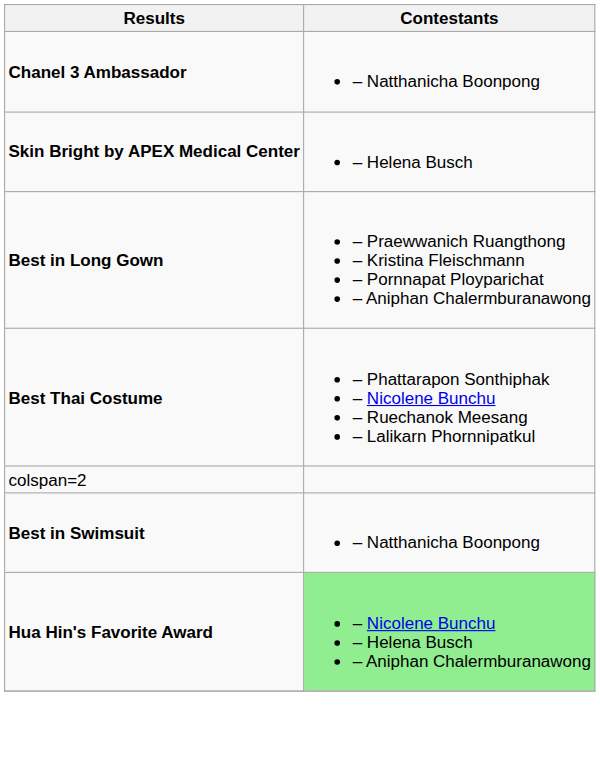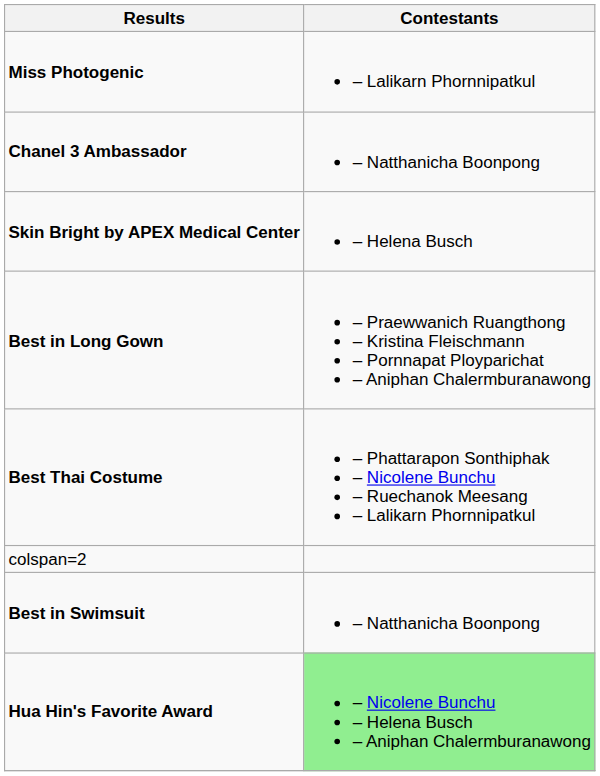 <table class="wikitable" style="font-size: 95%;">
 <tr>
 <th>Results</th>
 <th>Contestants</th>
+</tr>
+<tr>
+<td><strong>Miss Photogenic</strong></td>
+<td><br><ul><li><strong></strong> – Lalikarn Phornnipatkul</li></ul></td>
 </tr>
 <tr>
 <td><strong>Chanel 3 Ambassador</strong></td>
 <td><br><ul><li><strong></strong> – Natthanicha Boonpong</li></ul></td>
 </tr>
 <tr>
 <td><strong>Skin Bright by APEX Medical Center</strong></td>
 <td><br><ul><li><strong></strong> – Helena Busch</li></ul></td>
 </tr>
 <tr>
 <td><strong>Best in Long Gown</strong></td>
 <td><br><ul><li><strong></strong> – Praewwanich Ruangthong</li><li><strong></strong> – Kristina Fleischmann</li><li><strong></strong> – Pornnapat Ployparichat</li><li><strong></strong> – Aniphan Chalermburanawong</li></ul></td>
 </tr>
 <tr>
 <td><strong>Best Thai Costume</strong></td>
 <td><br><ul><li><strong></strong> – Phattarapon Sonthiphak</li><li><strong></strong> – <a href='#'>Nicolene Bunchu</a></li><li><strong></strong> – Ruechanok Meesang</li><li><strong></strong> – Lalikarn Phornnipatkul</li></ul></td>
 </tr>
 <tr>
 <td>colspan=2 </td>
 </tr>
 <tr>
 <td><strong>Best in Swimsuit</strong></td>
 <td><br><ul><li><strong></strong> – Natthanicha Boonpong</li></ul></td>
 </tr>
 <tr>
 <td><strong>Hua Hin's Favorite Award</strong></td>
 <td style="background: lightgreen;"><br><ul><li><strong></strong> – <a href='#'>Nicolene Bunchu</a></li><li><strong></strong> – Helena Busch</li><li><strong></strong> – Aniphan Chalermburanawong</li></ul></td>
 </tr>
 <tr>
 </tr>
 </table>
